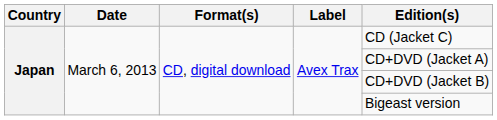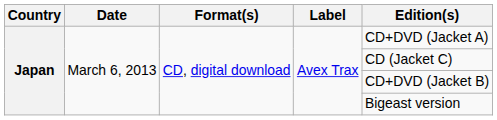 <table class="wikitable plainrowheaders">
 <tr>
 <th>Country</th>
 <th>Date</th>
 <th>Format(s)</th>
 <th>Label</th>
 <th>Edition(s)</th>
 </tr>
 <tr>
 <th scope="row" rowspan="4">Japan</th>
 <td rowspan="4">March 6, 2013</td>
 <td rowspan="4"><a href='#'>CD</a>, <a href='#'>digital download</a></td>
 <td rowspan="4"><a href='#'>Avex Trax</a></td>
-<td>CD (Jacket C)</td>
+<td>CD+DVD (Jacket A)</td>
 </tr>
 <tr>
-<td>CD+DVD (Jacket A)</td>
+<td>CD (Jacket C)</td>
 </tr>
 <tr>
 <td>CD+DVD (Jacket B)</td>
 </tr>
 <tr>
 <td>Bigeast version</td>
 </tr>
 </table>
